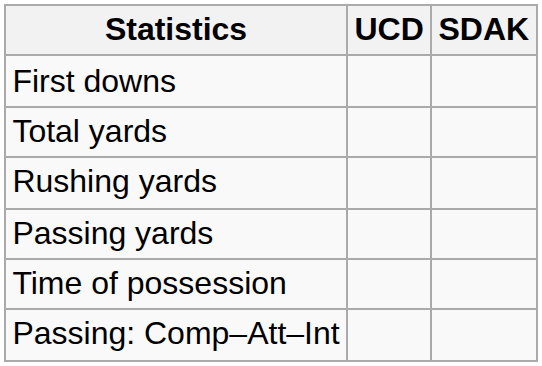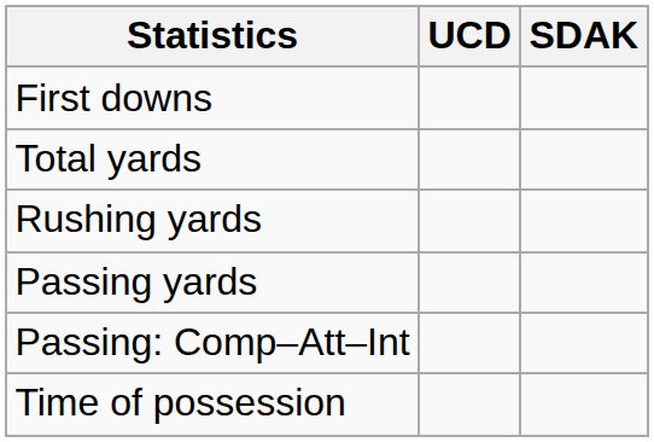 <table class="wikitable" style="float: left;">
 <tr>
 <th>Statistics</th>
 <th>UCD</th>
 <th>SDAK</th>
 </tr>
 <tr>
 <td>First downs</td>
 <td></td>
 <td></td>
 </tr>
 <tr>
 <td>Total yards</td>
 <td></td>
 <td></td>
 </tr>
 <tr>
 <td>Rushing yards</td>
 <td></td>
 <td></td>
 </tr>
 <tr>
 <td>Passing yards</td>
 <td></td>
 <td></td>
 </tr>
 <tr>
-<td>Time of possession</td>
+<td>Passing: Comp–Att–Int</td>
 <td></td>
 <td></td>
 </tr>
 <tr>
-<td>Passing: Comp–Att–Int</td>
+<td>Time of possession</td>
 <td></td>
 <td></td>
 </tr>
 <tr>
 </tr>
 </table>
